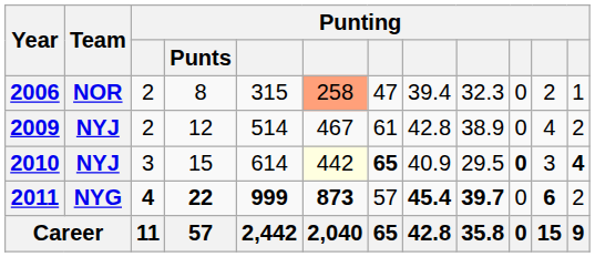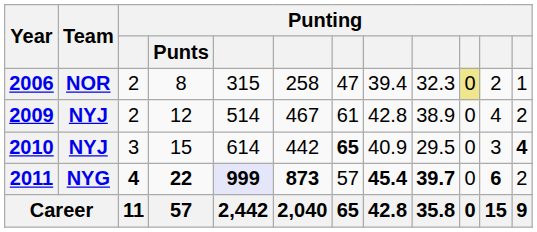 <table class=wikitable style="text-align:center;">
 <tr>
 <th rowspan="2">Year</th>
 <th rowspan="2">Team</th>
 <th colspan="10">Punting</th>
 </tr>
 <tr>
 <th></th>
 <th>Punts</th>
 <th></th>
 <th></th>
 <th></th>
 <th></th>
 <th></th>
 <th></th>
 <th></th>
 <th></th>
 </tr>
 <tr>
 <th><a href='#'>2006</a></th>
 <th><a href='#'>NOR</a></th>
 <td>2</td>
 <td>8</td>
 <td>315</td>
-<td style="background: lightsalmon;">258</td>
+<td>258</td>
 <td>47</td>
 <td>39.4</td>
 <td>32.3</td>
-<td>0</td>
+<td style="background: khaki;">0</td>
 <td>2</td>
 <td>1</td>
 </tr>
 <tr>
 <th><a href='#'>2009</a></th>
 <th><a href='#'>NYJ</a></th>
 <td>2</td>
 <td>12</td>
 <td>514</td>
 <td>467</td>
 <td>61</td>
 <td>42.8</td>
 <td>38.9</td>
 <td>0</td>
 <td>4</td>
 <td>2</td>
 </tr>
 <tr>
 <th><a href='#'>2010</a></th>
 <th><a href='#'>NYJ</a></th>
 <td>3</td>
 <td>15</td>
 <td>614</td>
-<td style="background: lightyellow;">442</td>
+<td>442</td>
 <td><strong>65</strong></td>
 <td>40.9</td>
 <td>29.5</td>
-<td><strong>0</strong></td>
+<td>0</td>
 <td>3</td>
 <td><strong>4</strong></td>
 </tr>
 <tr>
 <th><a href='#'>2011</a></th>
 <th><a href='#'>NYG</a></th>
 <td><strong>4</strong></td>
 <td><strong>22</strong></td>
-<td><strong>999</strong></td>
+<td style="background: lavender;"><strong>999</strong></td>
 <td><strong>873</strong></td>
 <td>57</td>
 <td><strong>45.4</strong></td>
 <td><strong>39.7</strong></td>
 <td>0</td>
 <td><strong>6</strong></td>
 <td>2</td>
 </tr>
 <tr>
 <th colspan="2">Career</th>
 <th>11</th>
 <th>57</th>
 <th>2,442</th>
 <th>2,040</th>
 <th>65</th>
 <th>42.8</th>
 <th>35.8</th>
 <th>0</th>
 <th>15</th>
 <th>9</th>
 </tr>
 </table>
